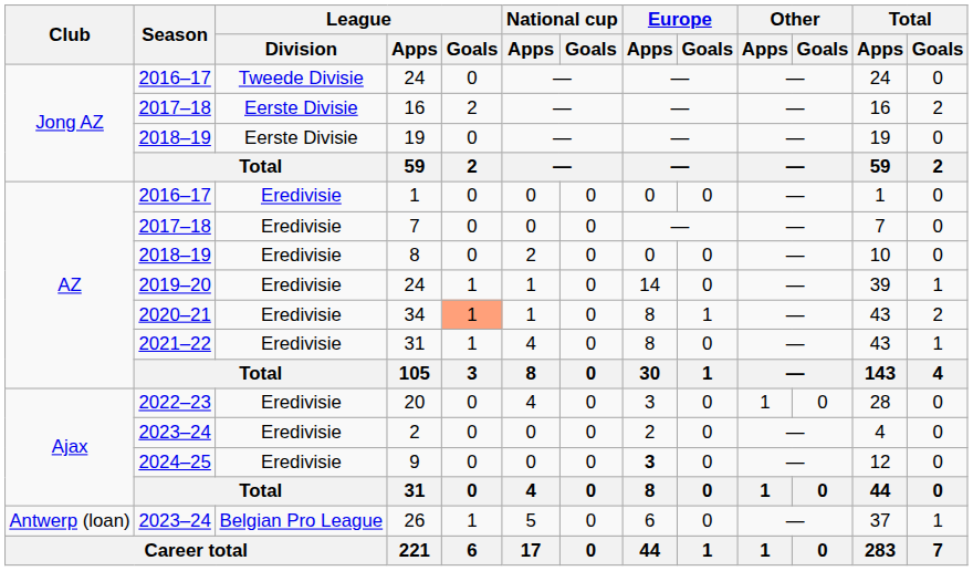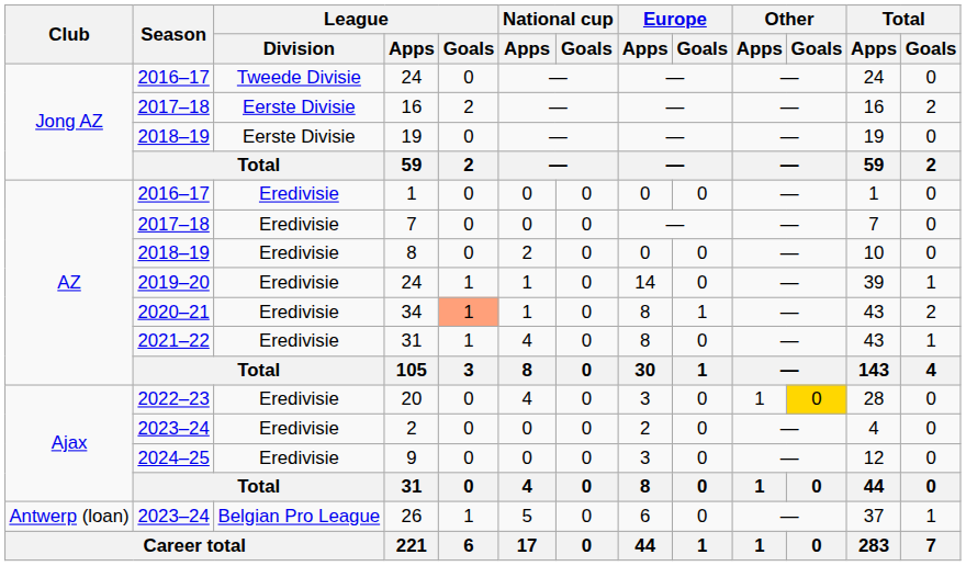 <table class="wikitable" style="text-align:center">
 <tr>
 <th rowspan="2">Club</th>
 <th rowspan="2">Season</th>
 <th colspan="3">League</th>
 <th colspan="2">National cup</th>
 <th colspan="2"><a href='#'>Europe</a></th>
 <th colspan="2">Other</th>
 <th colspan="2">Total</th>
 </tr>
 <tr>
 <th>Division</th>
 <th>Apps</th>
 <th>Goals</th>
 <th>Apps</th>
 <th>Goals</th>
 <th>Apps</th>
 <th>Goals</th>
 <th>Apps</th>
 <th>Goals</th>
 <th>Apps</th>
 <th>Goals</th>
 </tr>
 <tr>
 <td rowspan="4"><a href='#'>Jong AZ</a></td>
 <td><a href='#'>2016–17</a></td>
 <td><a href='#'>Tweede Divisie</a></td>
 <td>24</td>
 <td>0</td>
 <td colspan="2">—</td>
 <td colspan="2">—</td>
 <td colspan="2">—</td>
 <td>24</td>
 <td>0</td>
 </tr>
 <tr>
 <td><a href='#'>2017–18</a></td>
 <td><a href='#'>Eerste Divisie</a></td>
 <td>16</td>
 <td>2</td>
 <td colspan="2">—</td>
 <td colspan="2">—</td>
 <td colspan="2">—</td>
 <td>16</td>
 <td>2</td>
 </tr>
 <tr>
 <td><a href='#'>2018–19</a></td>
 <td>Eerste Divisie</td>
 <td>19</td>
 <td>0</td>
 <td colspan="2">—</td>
 <td colspan="2">—</td>
 <td colspan="2">—</td>
 <td>19</td>
 <td>0</td>
 </tr>
 <tr>
 <th colspan="2">Total</th>
 <th>59</th>
 <th>2</th>
 <th colspan="2">—</th>
 <th colspan="2">—</th>
 <th colspan="2">—</th>
 <th>59</th>
 <th>2</th>
 </tr>
 <tr>
 <td rowspan="7"><a href='#'>AZ</a></td>
 <td><a href='#'>2016–17</a></td>
 <td><a href='#'>Eredivisie</a></td>
 <td>1</td>
 <td>0</td>
 <td>0</td>
 <td>0</td>
 <td>0</td>
 <td>0</td>
 <td colspan="2">—</td>
 <td>1</td>
 <td>0</td>
 </tr>
 <tr>
 <td><a href='#'>2017–18</a></td>
 <td>Eredivisie</td>
 <td>7</td>
 <td>0</td>
 <td>0</td>
 <td>0</td>
 <td colspan="2">—</td>
 <td colspan="2">—</td>
 <td>7</td>
 <td>0</td>
 </tr>
 <tr>
 <td><a href='#'>2018–19</a></td>
 <td>Eredivisie</td>
 <td>8</td>
 <td>0</td>
 <td>2</td>
 <td>0</td>
 <td>0</td>
 <td>0</td>
 <td colspan="2">—</td>
 <td>10</td>
 <td>0</td>
 </tr>
 <tr>
 <td><a href='#'>2019–20</a></td>
 <td>Eredivisie</td>
 <td>24</td>
 <td>1</td>
 <td>1</td>
 <td>0</td>
 <td>14</td>
 <td>0</td>
 <td colspan="2">—</td>
 <td>39</td>
 <td>1</td>
 </tr>
 <tr>
 <td><a href='#'>2020–21</a></td>
 <td>Eredivisie</td>
 <td>34</td>
 <td style="background: lightsalmon;">1</td>
 <td>1</td>
 <td>0</td>
 <td>8</td>
 <td>1</td>
 <td colspan="2">—</td>
 <td>43</td>
 <td>2</td>
 </tr>
 <tr>
 <td><a href='#'>2021–22</a></td>
 <td>Eredivisie</td>
 <td>31</td>
 <td>1</td>
 <td>4</td>
 <td>0</td>
 <td>8</td>
 <td>0</td>
 <td colspan="2">—</td>
 <td>43</td>
 <td>1</td>
 </tr>
 <tr>
 <th colspan="2">Total</th>
 <th>105</th>
 <th>3</th>
 <th>8</th>
 <th>0</th>
 <th>30</th>
 <th>1</th>
 <th colspan="2">—</th>
 <th>143</th>
 <th>4</th>
 </tr>
 <tr>
 <td rowspan="4"><a href='#'>Ajax</a></td>
 <td><a href='#'>2022–23</a></td>
 <td>Eredivisie</td>
 <td>20</td>
 <td>0</td>
 <td>4</td>
 <td>0</td>
 <td>3</td>
 <td>0</td>
 <td>1</td>
-<td>0</td>
+<td style="background: gold;">0</td>
 <td>28</td>
 <td>0</td>
 </tr>
 <tr>
 <td><a href='#'>2023–24</a></td>
 <td>Eredivisie</td>
 <td>2</td>
 <td>0</td>
 <td>0</td>
 <td>0</td>
 <td>2</td>
 <td>0</td>
 <td colspan="2">—</td>
 <td>4</td>
 <td>0</td>
 </tr>
 <tr>
 <td><a href='#'>2024–25</a></td>
 <td>Eredivisie</td>
 <td>9</td>
 <td>0</td>
 <td>0</td>
 <td>0</td>
-<td><strong>3</strong></td>
+<td>3</td>
 <td>0</td>
 <td colspan="2">—</td>
 <td>12</td>
 <td>0</td>
 </tr>
 <tr>
 <th colspan="2">Total</th>
 <th>31</th>
 <th>0</th>
 <th>4</th>
 <th>0</th>
 <th>8</th>
 <th>0</th>
 <th>1</th>
 <th>0</th>
 <th>44</th>
 <th>0</th>
 </tr>
 <tr>
 <td><a href='#'>Antwerp</a> (loan)</td>
 <td><a href='#'>2023–24</a></td>
 <td><a href='#'>Belgian Pro League</a></td>
 <td>26</td>
 <td>1</td>
 <td>5</td>
 <td>0</td>
 <td>6</td>
 <td>0</td>
 <td colspan="2">—</td>
 <td>37</td>
 <td>1</td>
 </tr>
 <tr>
 <th colspan="3">Career total</th>
 <th>221</th>
 <th>6</th>
 <th>17</th>
 <th>0</th>
 <th>44</th>
 <th>1</th>
 <th>1</th>
 <th>0</th>
 <th>283</th>
 <th>7</th>
 </tr>
 </table>
